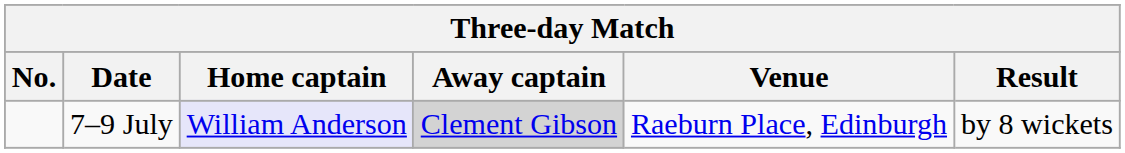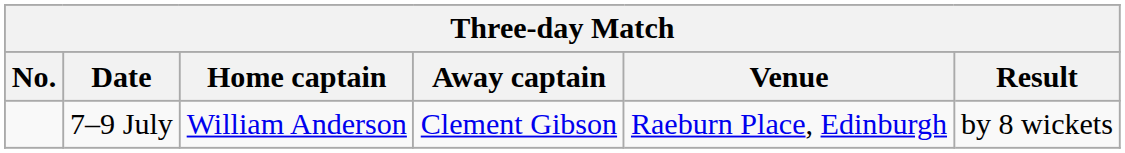 <table class="wikitable">
 <tr>
 <th colspan="9">Three-day Match</th>
 </tr>
 <tr>
 <th>No.</th>
 <th>Date</th>
 <th>Home captain</th>
 <th>Away captain</th>
 <th>Venue</th>
 <th>Result</th>
 </tr>
 <tr>
 <td></td>
 <td>7–9 July</td>
-<td style="background: lavender;"><a href='#'>William Anderson</a></td>
-<td style="background: lightgrey;"><a href='#'>Clement Gibson</a></td>
+<td><a href='#'>William Anderson</a></td>
+<td><a href='#'>Clement Gibson</a></td>
 <td><a href='#'>Raeburn Place</a>, <a href='#'>Edinburgh</a></td>
 <td> by 8 wickets</td>
 </tr>
 </table>
